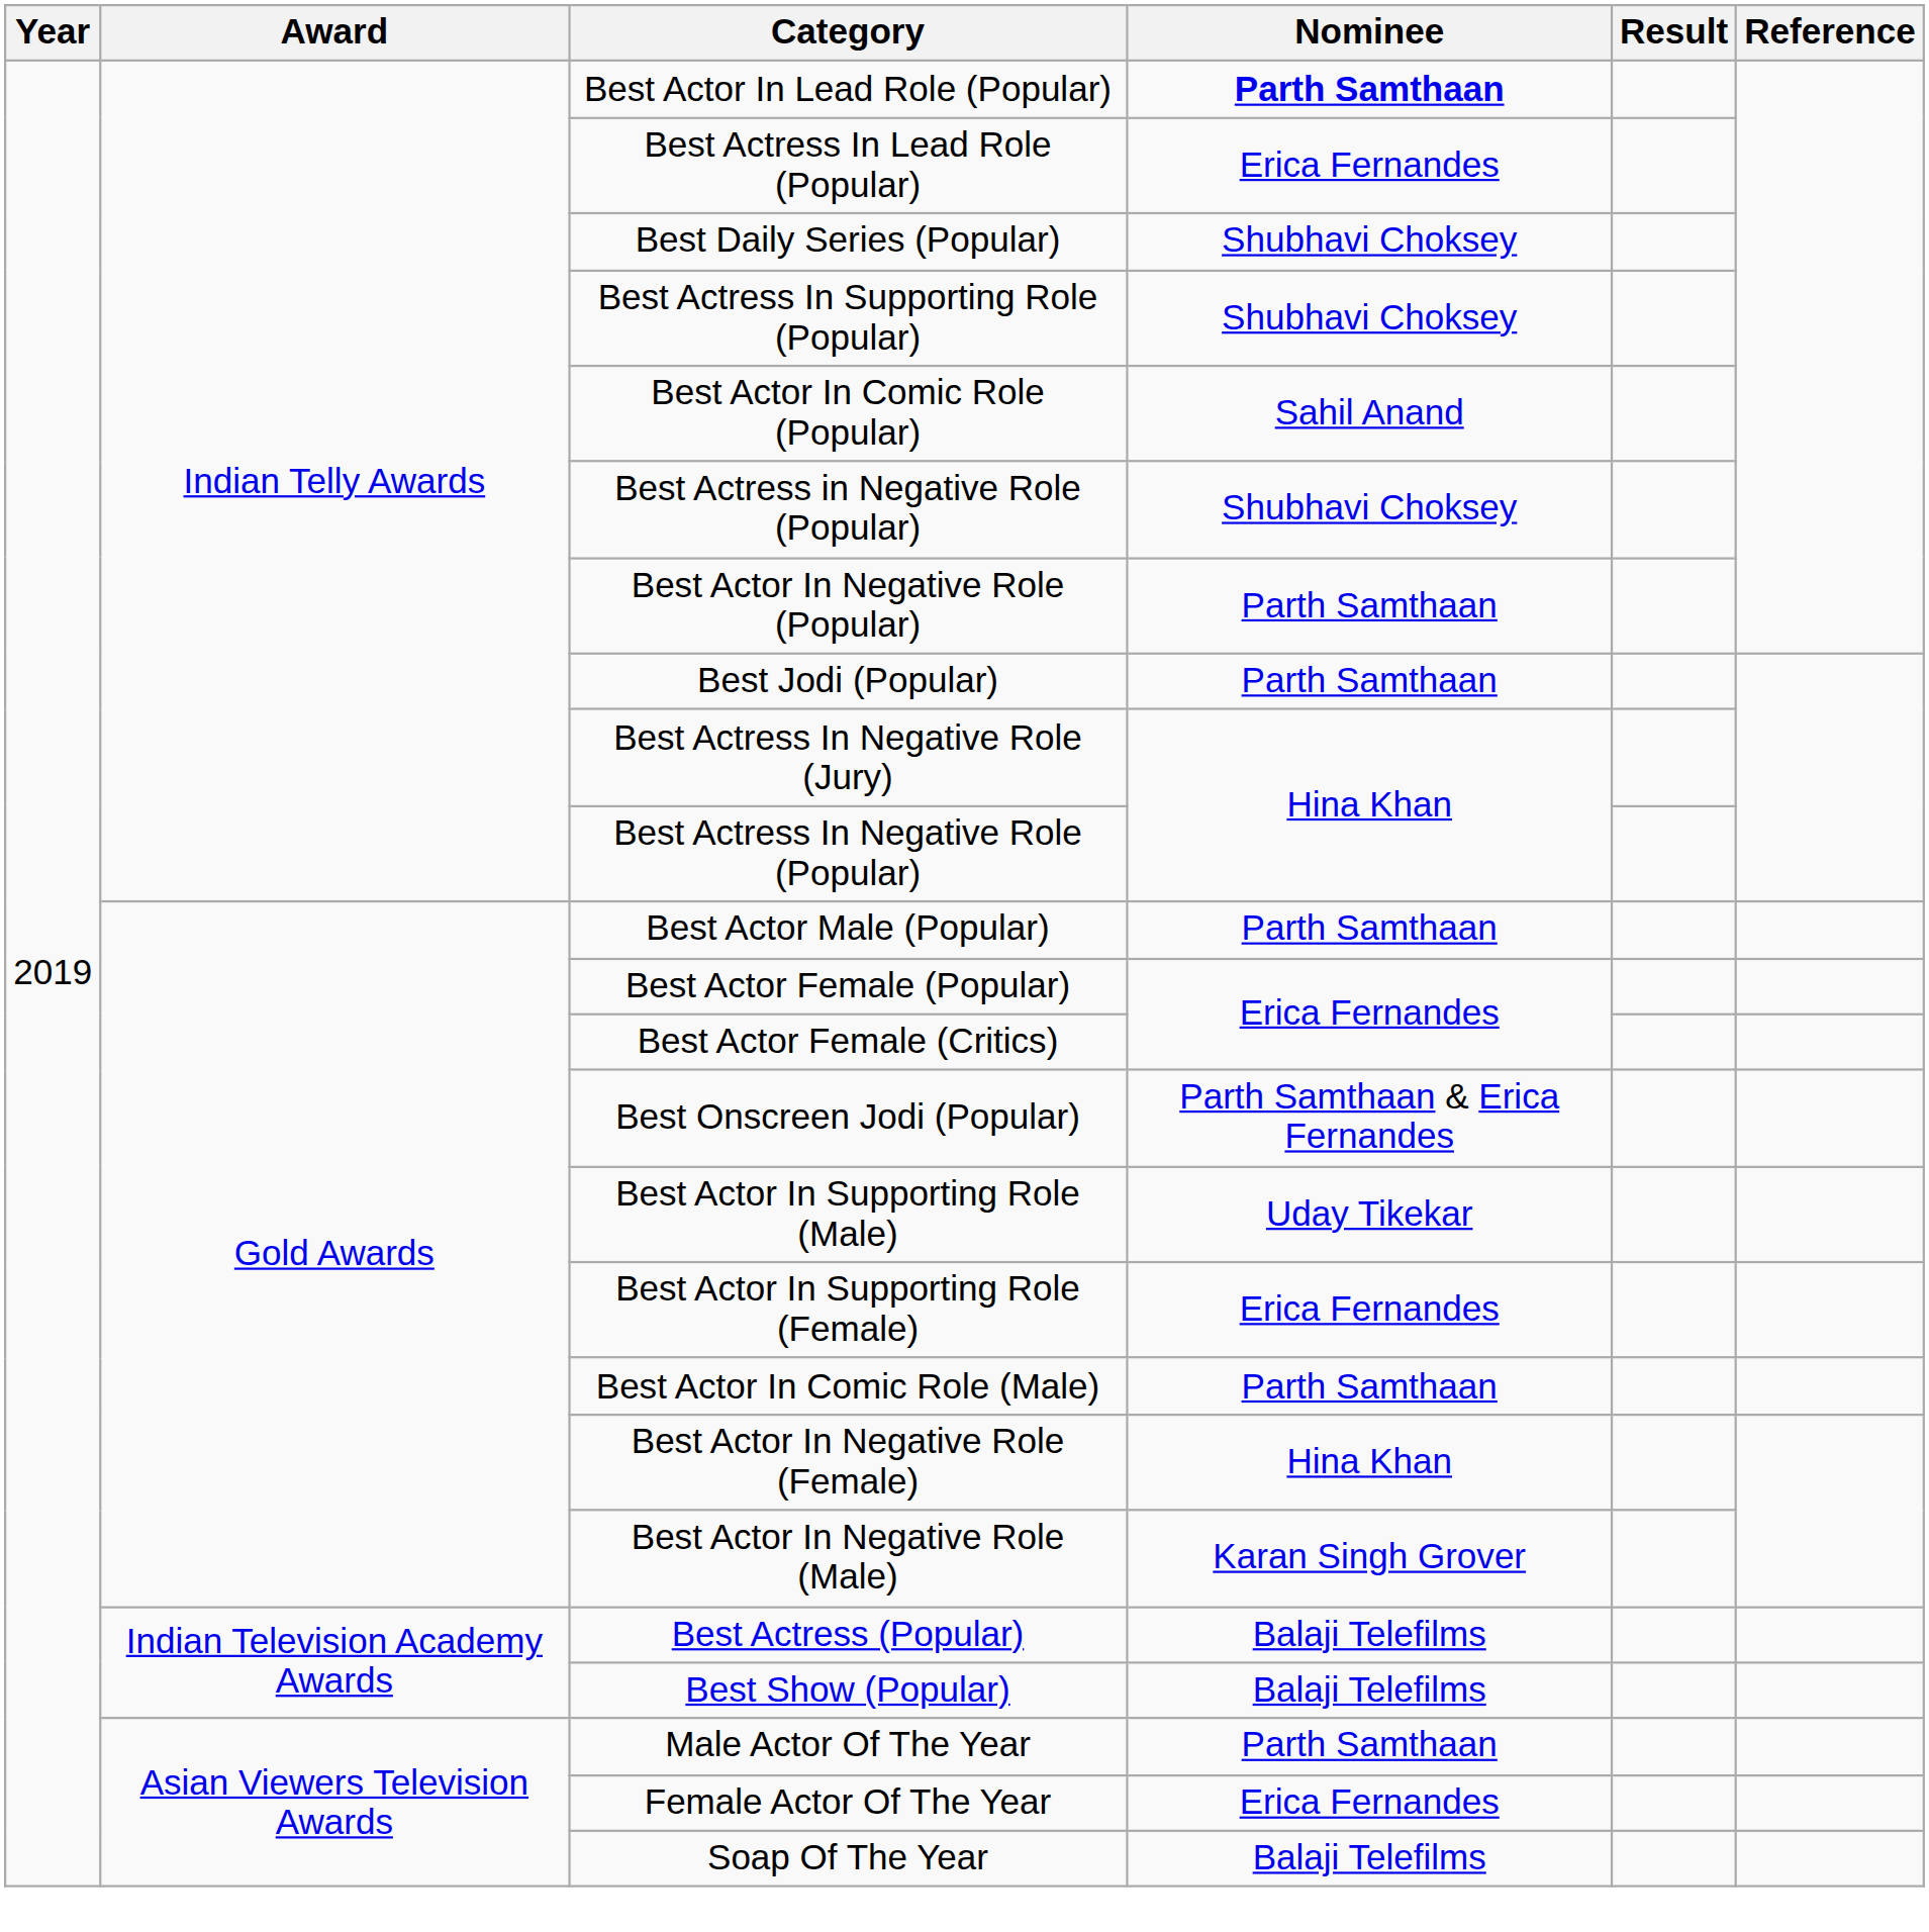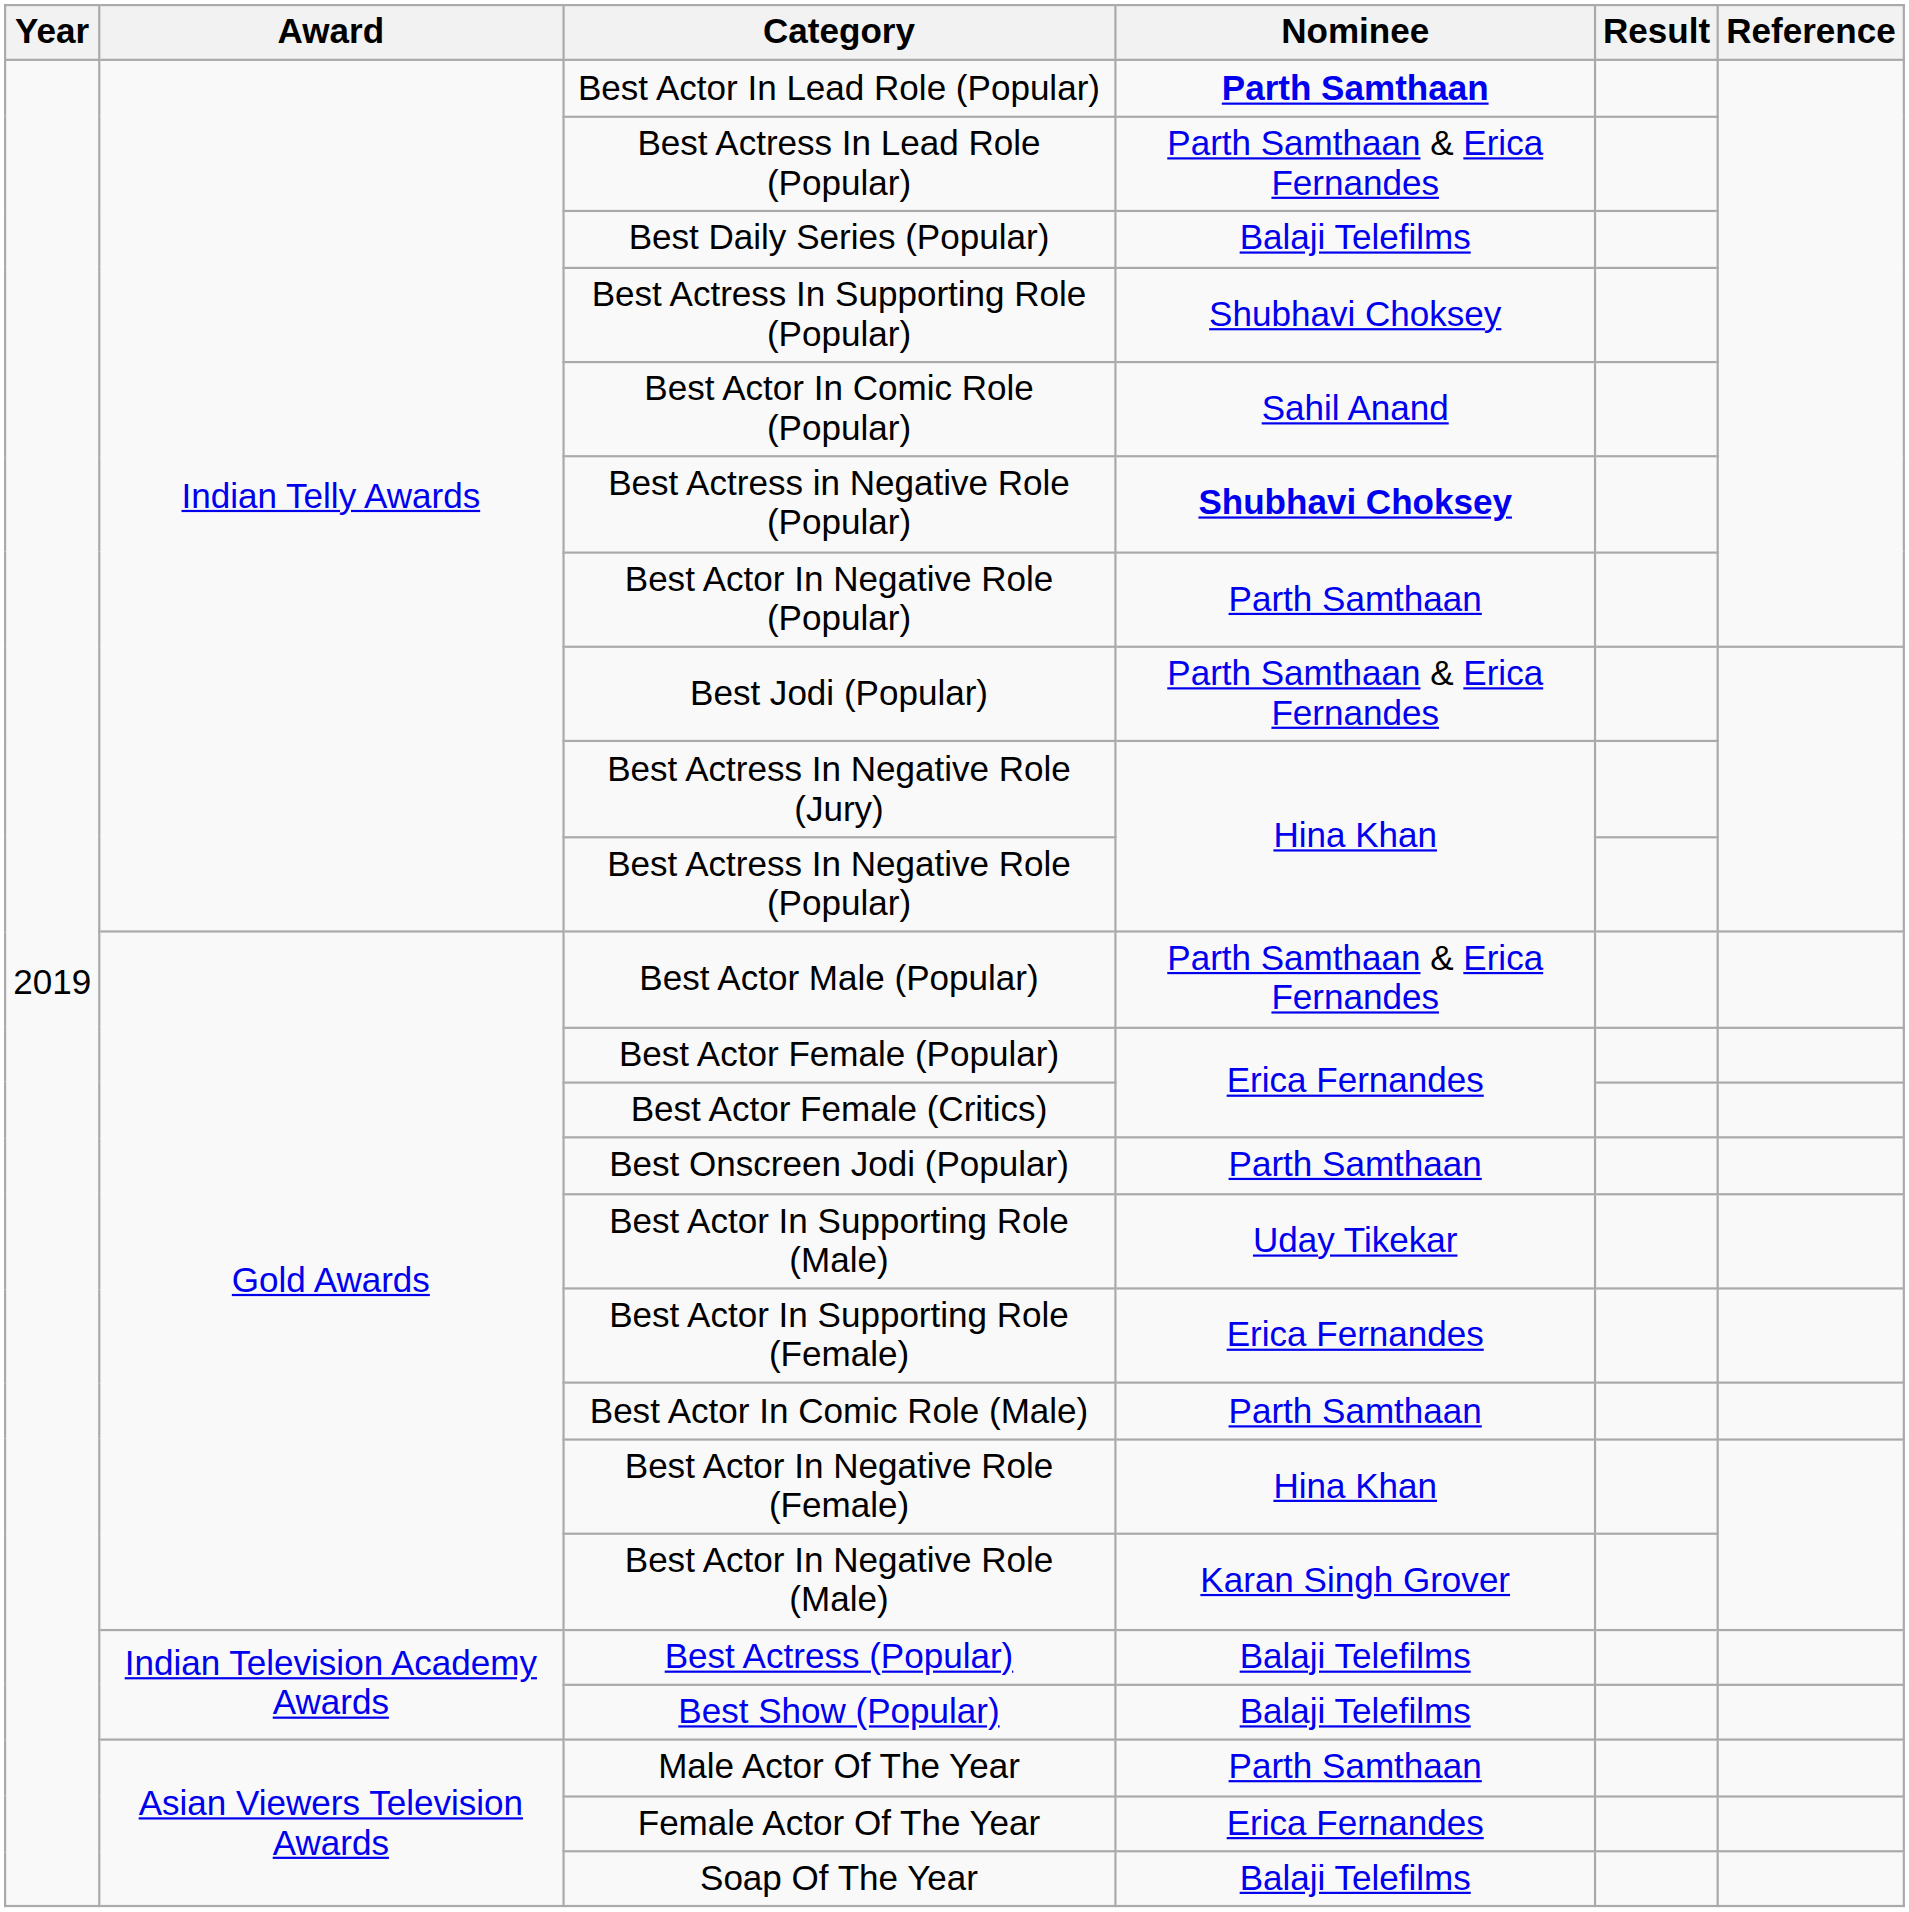 <table class="wikitable" style="text-align:center;">
 <tr>
 <th>Year</th>
 <th>Award</th>
 <th>Category</th>
 <th>Nominee</th>
 <th>Result</th>
 <th>Reference</th>
 </tr>
 <tr>
 <td rowspan=24>2019</td>
 <td rowspan=10><a href='#'>Indian Telly Awards</a></td>
 <td>Best Actor In Lead Role (Popular)</td>
 <td><strong><a href='#'>Parth Samthaan</a></strong></td>
 <td></td>
 <td rowspan=7></td>
 </tr>
 <tr>
 <td>Best Actress In Lead Role (Popular)</td>
-<td><a href='#'>Erica Fernandes</a></td>
+<td><a href='#'>Parth Samthaan</a> & <a href='#'>Erica Fernandes</a></td>
 <td></td>
 </tr>
 <tr>
 <td>Best Daily Series (Popular)</td>
-<td><a href='#'>Shubhavi Choksey</a></td>
+<td><a href='#'>Balaji Telefilms</a></td>
 <td></td>
 </tr>
 <tr>
 <td>Best Actress In Supporting Role (Popular)</td>
 <td><a href='#'>Shubhavi Choksey</a></td>
 <td></td>
 </tr>
 <tr>
 <td>Best Actor In Comic Role (Popular)</td>
 <td><a href='#'>Sahil Anand</a></td>
 <td></td>
 </tr>
 <tr>
 <td>Best Actress in Negative Role (Popular)</td>
-<td><a href='#'>Shubhavi Choksey</a></td>
+<td><strong><a href='#'>Shubhavi Choksey</a></strong></td>
 <td></td>
 </tr>
 <tr>
 <td>Best Actor In Negative Role (Popular)</td>
 <td><a href='#'>Parth Samthaan</a></td>
 <td></td>
 </tr>
 <tr>
 <td>Best Jodi (Popular)</td>
-<td><a href='#'>Parth Samthaan</a></td>
+<td><a href='#'>Parth Samthaan</a> & <a href='#'>Erica Fernandes</a></td>
 <td></td>
 <td rowspan=3></td>
 </tr>
 <tr>
 <td>Best Actress In Negative Role (Jury)</td>
 <td rowspan=2><a href='#'>Hina Khan</a></td>
 <td></td>
 </tr>
 <tr>
 <td>Best Actress In Negative Role (Popular)</td>
 <td></td>
 </tr>
 <tr>
 <td rowspan=9><a href='#'>Gold Awards</a></td>
 <td>Best Actor Male (Popular)</td>
-<td><a href='#'>Parth Samthaan</a></td>
+<td><a href='#'>Parth Samthaan</a> & <a href='#'>Erica Fernandes</a></td>
 <td></td>
 <td></td>
 </tr>
 <tr>
 <td>Best Actor Female (Popular)</td>
 <td rowspan=2><a href='#'>Erica Fernandes</a></td>
 <td></td>
 <td></td>
 </tr>
 <tr>
 <td>Best Actor Female (Critics)</td>
 <td></td>
 <td></td>
 </tr>
 <tr>
 <td>Best Onscreen Jodi (Popular)</td>
-<td><a href='#'>Parth Samthaan</a> & <a href='#'>Erica Fernandes</a></td>
+<td><a href='#'>Parth Samthaan</a></td>
 <td></td>
 <td></td>
 </tr>
 <tr>
 <td>Best Actor In Supporting Role (Male)</td>
 <td><a href='#'>Uday Tikekar</a></td>
 <td></td>
 <td></td>
 </tr>
 <tr>
 <td>Best Actor In Supporting Role (Female)</td>
 <td><a href='#'>Erica Fernandes</a></td>
 <td></td>
 <td></td>
 </tr>
 <tr>
 <td>Best Actor In Comic Role (Male)</td>
 <td><a href='#'>Parth Samthaan</a></td>
 <td></td>
 <td></td>
 </tr>
 <tr>
 <td>Best Actor In Negative Role (Female)</td>
 <td><a href='#'>Hina Khan</a></td>
 <td></td>
 <td rowspan=2></td>
 </tr>
 <tr>
 <td>Best Actor In Negative Role (Male)</td>
 <td><a href='#'>Karan Singh Grover</a></td>
 <td></td>
 </tr>
 <tr>
 <td rowspan=2><a href='#'>Indian Television Academy Awards</a></td>
 <td><a href='#'>Best Actress (Popular)</a></td>
 <td><a href='#'>Balaji Telefilms</a></td>
 <td></td>
 <td></td>
 </tr>
 <tr>
 <td><a href='#'>Best Show (Popular)</a></td>
 <td><a href='#'>Balaji Telefilms</a></td>
 <td></td>
 <td></td>
 </tr>
 <tr>
 <td rowspan=3><a href='#'>Asian Viewers Television Awards</a></td>
 <td>Male Actor Of The Year</td>
 <td><a href='#'>Parth Samthaan</a></td>
 <td></td>
 <td></td>
 </tr>
 <tr>
 <td>Female Actor Of The Year</td>
 <td><a href='#'>Erica Fernandes</a></td>
 <td></td>
 <td></td>
 </tr>
 <tr>
 <td>Soap Of The Year</td>
 <td><a href='#'>Balaji Telefilms</a></td>
 <td></td>
 <td></td>
 </tr>
 </table>
